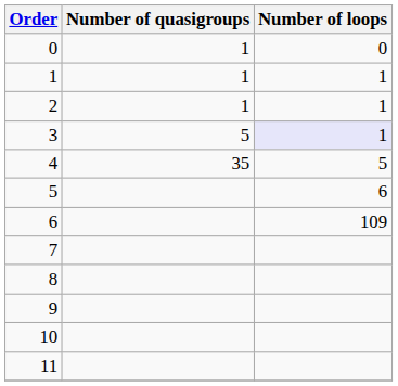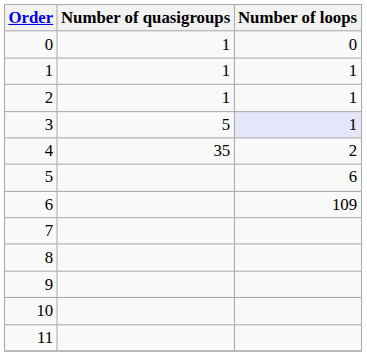 <table class="wikitable" style="text-align: right;">
 <tr>
 <th><a href='#'>Order</a></th>
 <th>Number of quasigroups</th>
 <th>Number of loops</th>
 </tr>
 <tr>
 <td>0</td>
 <td>1</td>
 <td>0</td>
 </tr>
 <tr>
 <td>1</td>
 <td>1</td>
 <td>1</td>
 </tr>
 <tr>
 <td>2</td>
 <td>1</td>
 <td>1</td>
 </tr>
 <tr>
 <td>3</td>
 <td>5</td>
 <td style="background: lavender;">1</td>
 </tr>
 <tr>
 <td>4</td>
 <td>35</td>
-<td>5</td>
+<td>2</td>
 </tr>
 <tr>
 <td>5</td>
 <td></td>
 <td>6</td>
 </tr>
 <tr>
 <td>6</td>
 <td></td>
 <td>109</td>
 </tr>
 <tr>
 <td>7</td>
 <td></td>
 <td></td>
 </tr>
 <tr>
 <td>8</td>
 <td></td>
 <td></td>
 </tr>
 <tr>
 <td>9</td>
 <td></td>
 <td></td>
 </tr>
 <tr>
 <td>10</td>
 <td></td>
 <td></td>
 </tr>
 <tr>
 <td>11</td>
 <td></td>
 <td></td>
 </tr>
 <tr>
 </tr>
 </table>
